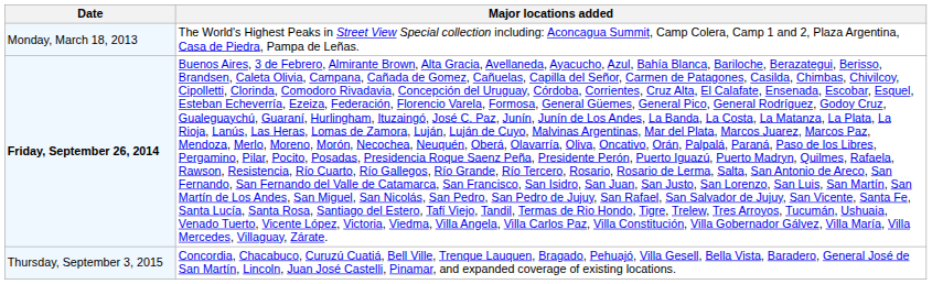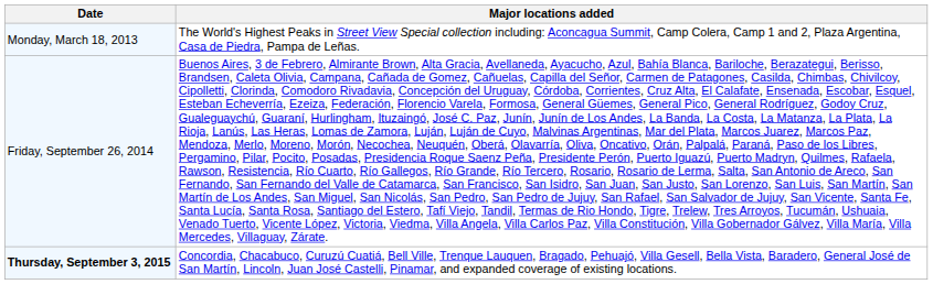 <table class="wikitable">
 <tr>
 <th style="width: 14em;">Date</th>
 <th>Major locations added</th>
 </tr>
 <tr>
 <td style="background:#f0f8ff;">Monday, March 18, 2013</td>
 <td style="background:#fff;">The World's Highest Peaks in <em><a href='#'>Street View</a> Special collection</em> including: <a href='#'>Aconcagua Summit</a>, Camp Colera, Camp 1 and 2, Plaza Argentina, <a href='#'>Casa de Piedra</a>, Pampa de Leñas.</td>
 </tr>
 <tr>
-<td style="background:#f0f8ff;"><strong>Friday, September 26, 2014</strong></td>
+<td style="background:#f0f8ff;">Friday, September 26, 2014</td>
 <td style="background:#fff;"><a href='#'>Buenos Aires</a>, <a href='#'>3 de Febrero</a>, <a href='#'>Almirante Brown</a>, <a href='#'>Alta Gracia</a>, <a href='#'>Avellaneda</a>, <a href='#'>Ayacucho</a>,  <a href='#'>Azul</a>, <a href='#'>Bahía Blanca</a>, <a href='#'>Bariloche</a>, <a href='#'>Berazategui</a>, <a href='#'>Berisso</a>, <a href='#'>Brandsen</a>, <a href='#'>Caleta Olivia</a>, <a href='#'>Campana</a>, <a href='#'>Cañada de Gomez</a>, <a href='#'>Cañuelas</a>, <a href='#'>Capilla del Señor</a>, <a href='#'>Carmen de Patagones</a>, <a href='#'>Casilda</a>, <a href='#'>Chimbas</a>, <a href='#'>Chivilcoy</a>, <a href='#'>Cipolletti</a>, <a href='#'>Clorinda</a>, <a href='#'>Comodoro Rivadavia</a>, <a href='#'>Concepción del Uruguay</a>, <a href='#'>Córdoba</a>, <a href='#'>Corrientes</a>, <a href='#'>Cruz Alta</a>, <a href='#'>El Calafate</a>, <a href='#'>Ensenada</a>, <a href='#'>Escobar</a>, <a href='#'>Esquel</a>, <a href='#'>Esteban Echeverría</a>, <a href='#'>Ezeiza</a>, <a href='#'>Federación</a>, <a href='#'>Florencio Varela</a>, <a href='#'>Formosa</a>, <a href='#'>General Güemes</a>, <a href='#'>General Pico</a>, <a href='#'>General Rodríguez</a>, <a href='#'>Godoy Cruz</a>, <a href='#'>Gualeguaychú</a>, <a href='#'>Guaraní</a>, <a href='#'>Hurlingham</a>, <a href='#'>Ituzaingó</a>, <a href='#'>José C. Paz</a>, <a href='#'>Junín</a>, <a href='#'>Junín de Los Andes</a>, <a href='#'>La Banda</a>, <a href='#'>La Costa</a>, <a href='#'>La Matanza</a>, <a href='#'>La Plata</a>, <a href='#'>La Rioja</a>, <a href='#'>Lanús</a>, <a href='#'>Las Heras</a>, <a href='#'>Lomas de Zamora</a>, <a href='#'>Luján</a>, <a href='#'>Luján de Cuyo</a>, <a href='#'>Malvinas Argentinas</a>, <a href='#'>Mar del Plata</a>, <a href='#'>Marcos Juarez</a>, <a href='#'>Marcos Paz</a>, <a href='#'>Mendoza</a>, <a href='#'>Merlo</a>, <a href='#'>Moreno</a>, <a href='#'>Morón</a>, <a href='#'>Necochea</a>, <a href='#'>Neuquén</a>, <a href='#'>Oberá</a>, <a href='#'>Olavarría</a>, <a href='#'>Oliva</a>, <a href='#'>Oncativo</a>, <a href='#'>Orán</a>, <a href='#'>Palpalá</a>, <a href='#'>Paraná</a>, <a href='#'>Paso de los Libres</a>, <a href='#'>Pergamino</a>, <a href='#'>Pilar</a>, <a href='#'>Pocito</a>, <a href='#'>Posadas</a>, <a href='#'>Presidencia Roque Saenz Peña</a>, <a href='#'>Presidente Perón</a>, <a href='#'>Puerto Iguazú</a>, <a href='#'>Puerto Madryn</a>, <a href='#'>Quilmes</a>, <a href='#'>Rafaela</a>, <a href='#'>Rawson</a>, <a href='#'>Resistencia</a>, <a href='#'>Río Cuarto</a>, <a href='#'>Río Gallegos</a>, <a href='#'>Río Grande</a>, <a href='#'>Río Tercero</a>, <a href='#'>Rosario</a>, <a href='#'>Rosario de Lerma</a>, <a href='#'>Salta</a>, <a href='#'>San Antonio de Areco</a>, <a href='#'>San Fernando</a>, <a href='#'>San Fernando del Valle de Catamarca</a>, <a href='#'>San Francisco</a>, <a href='#'>San Isidro</a>, <a href='#'>San Juan</a>, <a href='#'>San Justo</a>, <a href='#'>San Lorenzo</a>, <a href='#'>San Luis</a>, <a href='#'>San Martín</a>, <a href='#'>San Martín de Los Andes</a>, <a href='#'>San Miguel</a>, <a href='#'>San Nicolás</a>, <a href='#'>San Pedro</a>, <a href='#'>San Pedro de Jujuy</a>, <a href='#'>San Rafael</a>, <a href='#'>San Salvador de Jujuy</a>, <a href='#'>San Vicente</a>, <a href='#'>Santa Fe</a>, <a href='#'>Santa Lucía</a>, <a href='#'>Santa Rosa</a>, <a href='#'>Santiago del Estero</a>, <a href='#'>Tafí Viejo</a>, <a href='#'>Tandil</a>, <a href='#'>Termas de Rio Hondo</a>, <a href='#'>Tigre</a>, <a href='#'>Trelew</a>, <a href='#'>Tres Arroyos</a>, <a href='#'>Tucumán</a>, <a href='#'>Ushuaia</a>, <a href='#'>Venado Tuerto</a>, <a href='#'>Vicente López</a>, <a href='#'>Victoria</a>, <a href='#'>Viedma</a>, <a href='#'>Villa Angela</a>, <a href='#'>Villa Carlos Paz</a>, <a href='#'>Villa Constitución</a>, <a href='#'>Villa Gobernador Gálvez</a>, <a href='#'>Villa María</a>, <a href='#'>Villa Mercedes</a>, <a href='#'>Villaguay</a>, <a href='#'>Zárate</a>.</td>
 </tr>
 <tr>
-<td style="background:#f0f8ff;">Thursday, September 3, 2015</td>
+<td style="background:#f0f8ff;"><strong>Thursday, September 3, 2015</strong></td>
 <td style="background:#fff;"><a href='#'>Concordia</a>, <a href='#'>Chacabuco</a>, <a href='#'>Curuzú Cuatiá</a>, <a href='#'>Bell Ville</a>, <a href='#'>Trenque Lauquen</a>, <a href='#'>Bragado</a>, <a href='#'>Pehuajó</a>, <a href='#'>Villa Gesell</a>, <a href='#'>Bella Vista</a>, <a href='#'>Baradero</a>, <a href='#'>General José de San Martín</a>, <a href='#'>Lincoln</a>, <a href='#'>Juan José Castelli</a>, <a href='#'>Pinamar</a>, and expanded coverage of existing locations.</td>
 </tr>
 </table>
